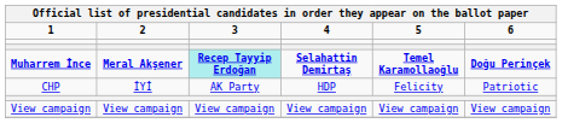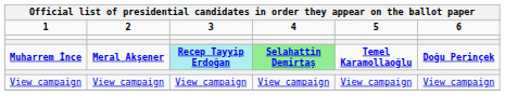 <table class="wikitable" style="font-size:90%; text-align:center; margin:1em auto;">
 <tr>
 <th colspan=6>Official list of presidential candidates in order they appear on the ballot paper</th>
 </tr>
 <tr>
 <td><strong>1</strong></td>
 <td><strong>2</strong></td>
 <td><strong>3</strong></td>
 <td><strong>4</strong></td>
 <td><strong>5</strong></td>
 <td><strong>6</strong></td>
 </tr>
 <tr>
 <td></td>
 <td></td>
 <td></td>
 <td></td>
 <td></td>
 <td></td>
 </tr>
 <tr>
 <th style="width:100px; font-size:100%; background:"></th>
 <th style="width:100px; font-size:100%; background:"></th>
 <th style="width:100px; font-size:100%; background:"></th>
 <th style="width:100px; font-size:100%; background:"></th>
 <th style="width:100px; font-size:100%; background:"></th>
 <th style="width:100px; font-size:100%; background:"></th>
 </tr>
 <tr>
 <td><strong><a href='#'>Muharrem İnce</a></strong></td>
 <td><strong><a href='#'>Meral Akşener</a></strong></td>
 <td style="background: paleturquoise;"><strong><a href='#'>Recep Tayyip Erdoğan</a></strong></td>
-<td><strong><a href='#'>Selahattin Demirtaş</a></strong></td>
+<td style="background: lightgreen;"><strong><a href='#'>Selahattin Demirtaş</a></strong></td>
 <td><strong><a href='#'>Temel Karamollaoğlu</a></strong></td>
 <td><strong><a href='#'>Doğu Perinçek</a></strong></td>
-</tr>
-<tr>
-<td><a href='#'>CHP</a><br></td>
-<td><a href='#'>İYİ</a><br></td>
-<td><a href='#'>AK Party</a><br></td>
-<td><a href='#'>HDP</a><br></td>
-<td><a href='#'>Felicity</a><br></td>
-<td><a href='#'>Patriotic</a><br></td>
 </tr>
 <tr>
 <th colspan=6></th>
 </tr>
 <tr>
 <td><a href='#'>View campaign</a></td>
 <td><a href='#'>View campaign</a></td>
 <td><a href='#'>View campaign</a></td>
 <td><a href='#'>View campaign</a></td>
 <td><a href='#'>View campaign</a></td>
 <td><a href='#'>View campaign</a></td>
 </tr>
 <tr>
 </tr>
 </table>
